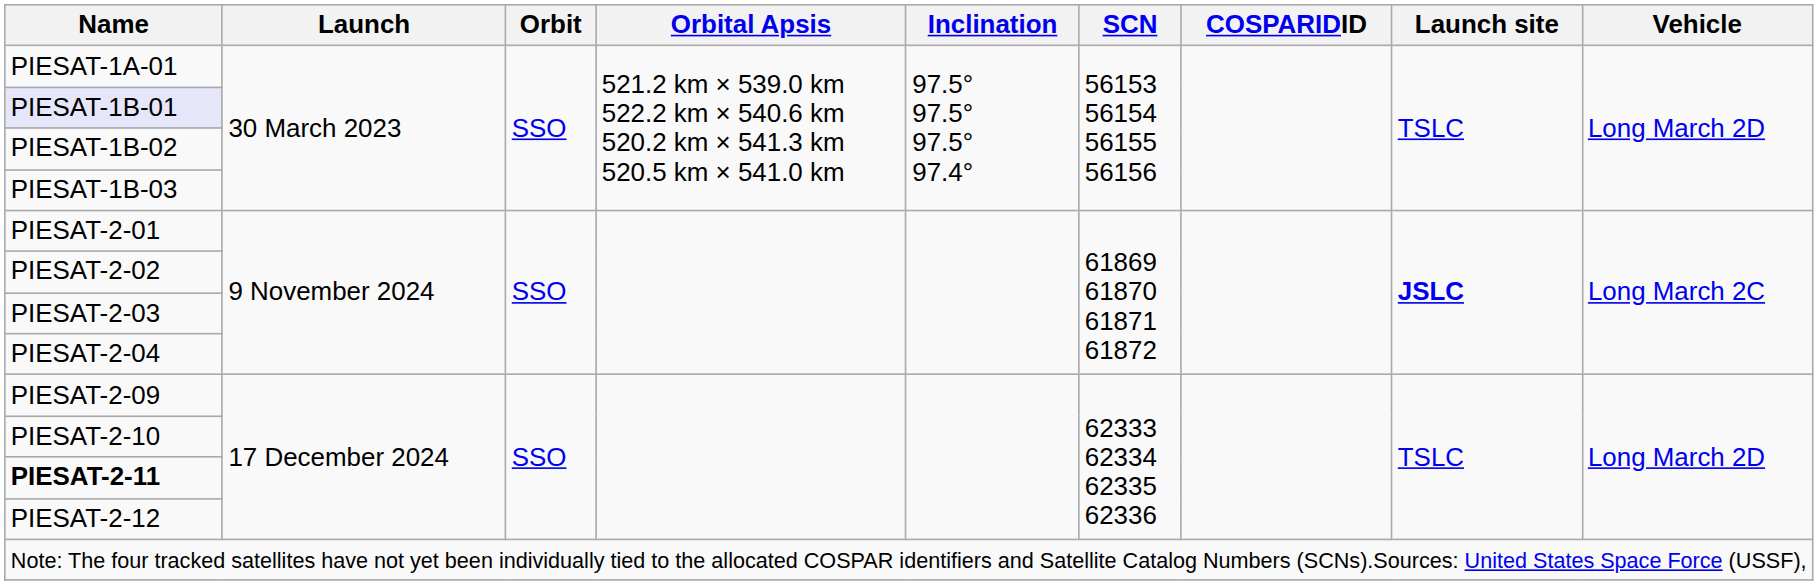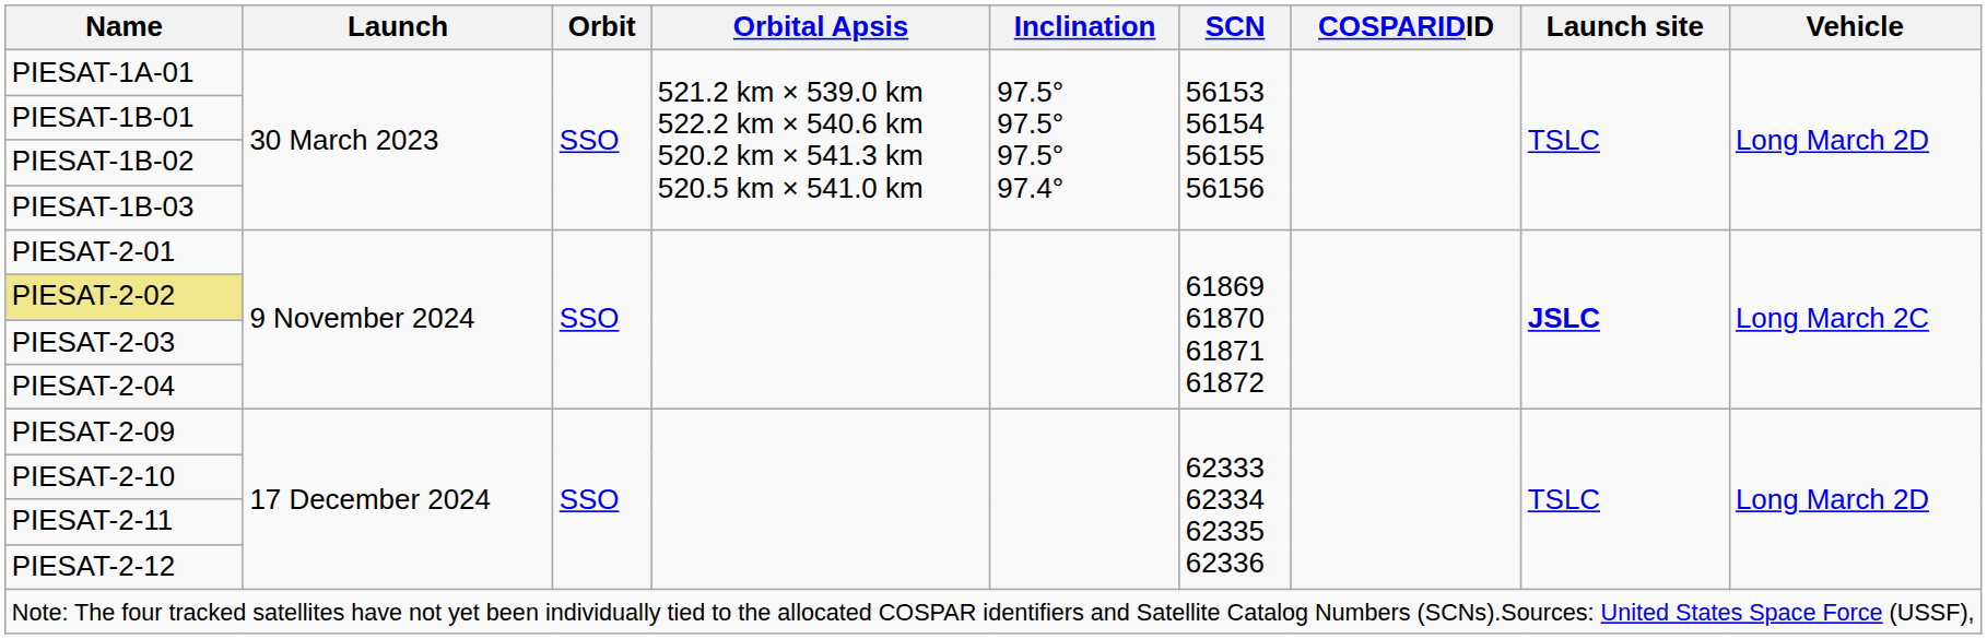 <table class="wikitable sortable">
 <tr>
 <th>Name</th>
 <th>Launch</th>
 <th>Orbit</th>
 <th><a href='#'>Orbital Apsis</a></th>
 <th><a href='#'>Inclination</a></th>
 <th><a href='#'>SCN</a></th>
 <th><a href='#'>COSPARID</a>ID</th>
 <th>Launch site</th>
 <th>Vehicle</th>
 </tr>
 <tr>
 <td>PIESAT-1A-01</td>
 <td rowspan="4">30 March 2023</td>
 <td rowspan="4"><a href='#'>SSO</a></td>
 <td rowspan="4">521.2 km × 539.0 km<br>522.2 km × 540.6 km<br>520.2 km × 541.3 km<br>520.5 km × 541.0 km</td>
 <td rowspan="4">97.5°<br>97.5°<br>97.5°<br>97.4°<br></td>
 <td rowspan="4">56153<br>56154<br> 56155<br> 56156<br></td>
 <td rowspan="4"><br><br><br></td>
 <td rowspan="4"><a href='#'>TSLC</a></td>
 <td rowspan="4"><a href='#'>Long March 2D</a></td>
 </tr>
 <tr>
-<td style="background: lavender;">PIESAT-1B-01</td>
+<td>PIESAT-1B-01</td>
 </tr>
 <tr>
 <td>PIESAT-1B-02</td>
 </tr>
 <tr>
 <td>PIESAT-1B-03</td>
 </tr>
 <tr>
 <td>PIESAT-2-01</td>
 <td rowspan="4">9 November 2024</td>
 <td rowspan="4"><a href='#'>SSO</a></td>
 <td rowspan="4"></td>
 <td rowspan="4"></td>
 <td rowspan="4"><br>61869<br>61870<br>61871<br>61872<br></td>
 <td rowspan="4"><br>  </td>
 <td rowspan="4"><a href='#'><strong>JSLC</strong></a></td>
 <td rowspan="4"><a href='#'>Long March 2C</a></td>
 </tr>
 <tr>
-<td>PIESAT-2-02</td>
+<td style="background: khaki;">PIESAT-2-02</td>
 </tr>
 <tr>
 <td>PIESAT-2-03</td>
 </tr>
 <tr>
 <td>PIESAT-2-04</td>
 </tr>
 <tr>
 <td>PIESAT-2-09</td>
 <td rowspan="4">17 December 2024</td>
 <td rowspan="4"><a href='#'>SSO</a></td>
 <td rowspan="4"></td>
 <td rowspan="4"></td>
 <td rowspan="4"><br>62333<br>62334<br>62335<br>62336</td>
 <td rowspan="4"><br>  </td>
 <td rowspan="4"><a href='#'>TSLC</a></td>
 <td rowspan="4"><a href='#'>Long March 2D</a></td>
 </tr>
 <tr>
 <td>PIESAT-2-10</td>
 </tr>
 <tr>
-<td><strong>PIESAT-2-11</strong></td>
+<td>PIESAT-2-11</td>
 </tr>
 <tr>
 <td>PIESAT-2-12</td>
 </tr>
 <tr>
 <td colspan="9"><small>Note: The four tracked satellites have not yet been individually tied to the allocated COSPAR identifiers and Satellite Catalog Numbers (SCNs).</small><small>Sources: <a href='#'>United States Space Force</a> (USSF), </small></td>
 </tr>
 </table>
